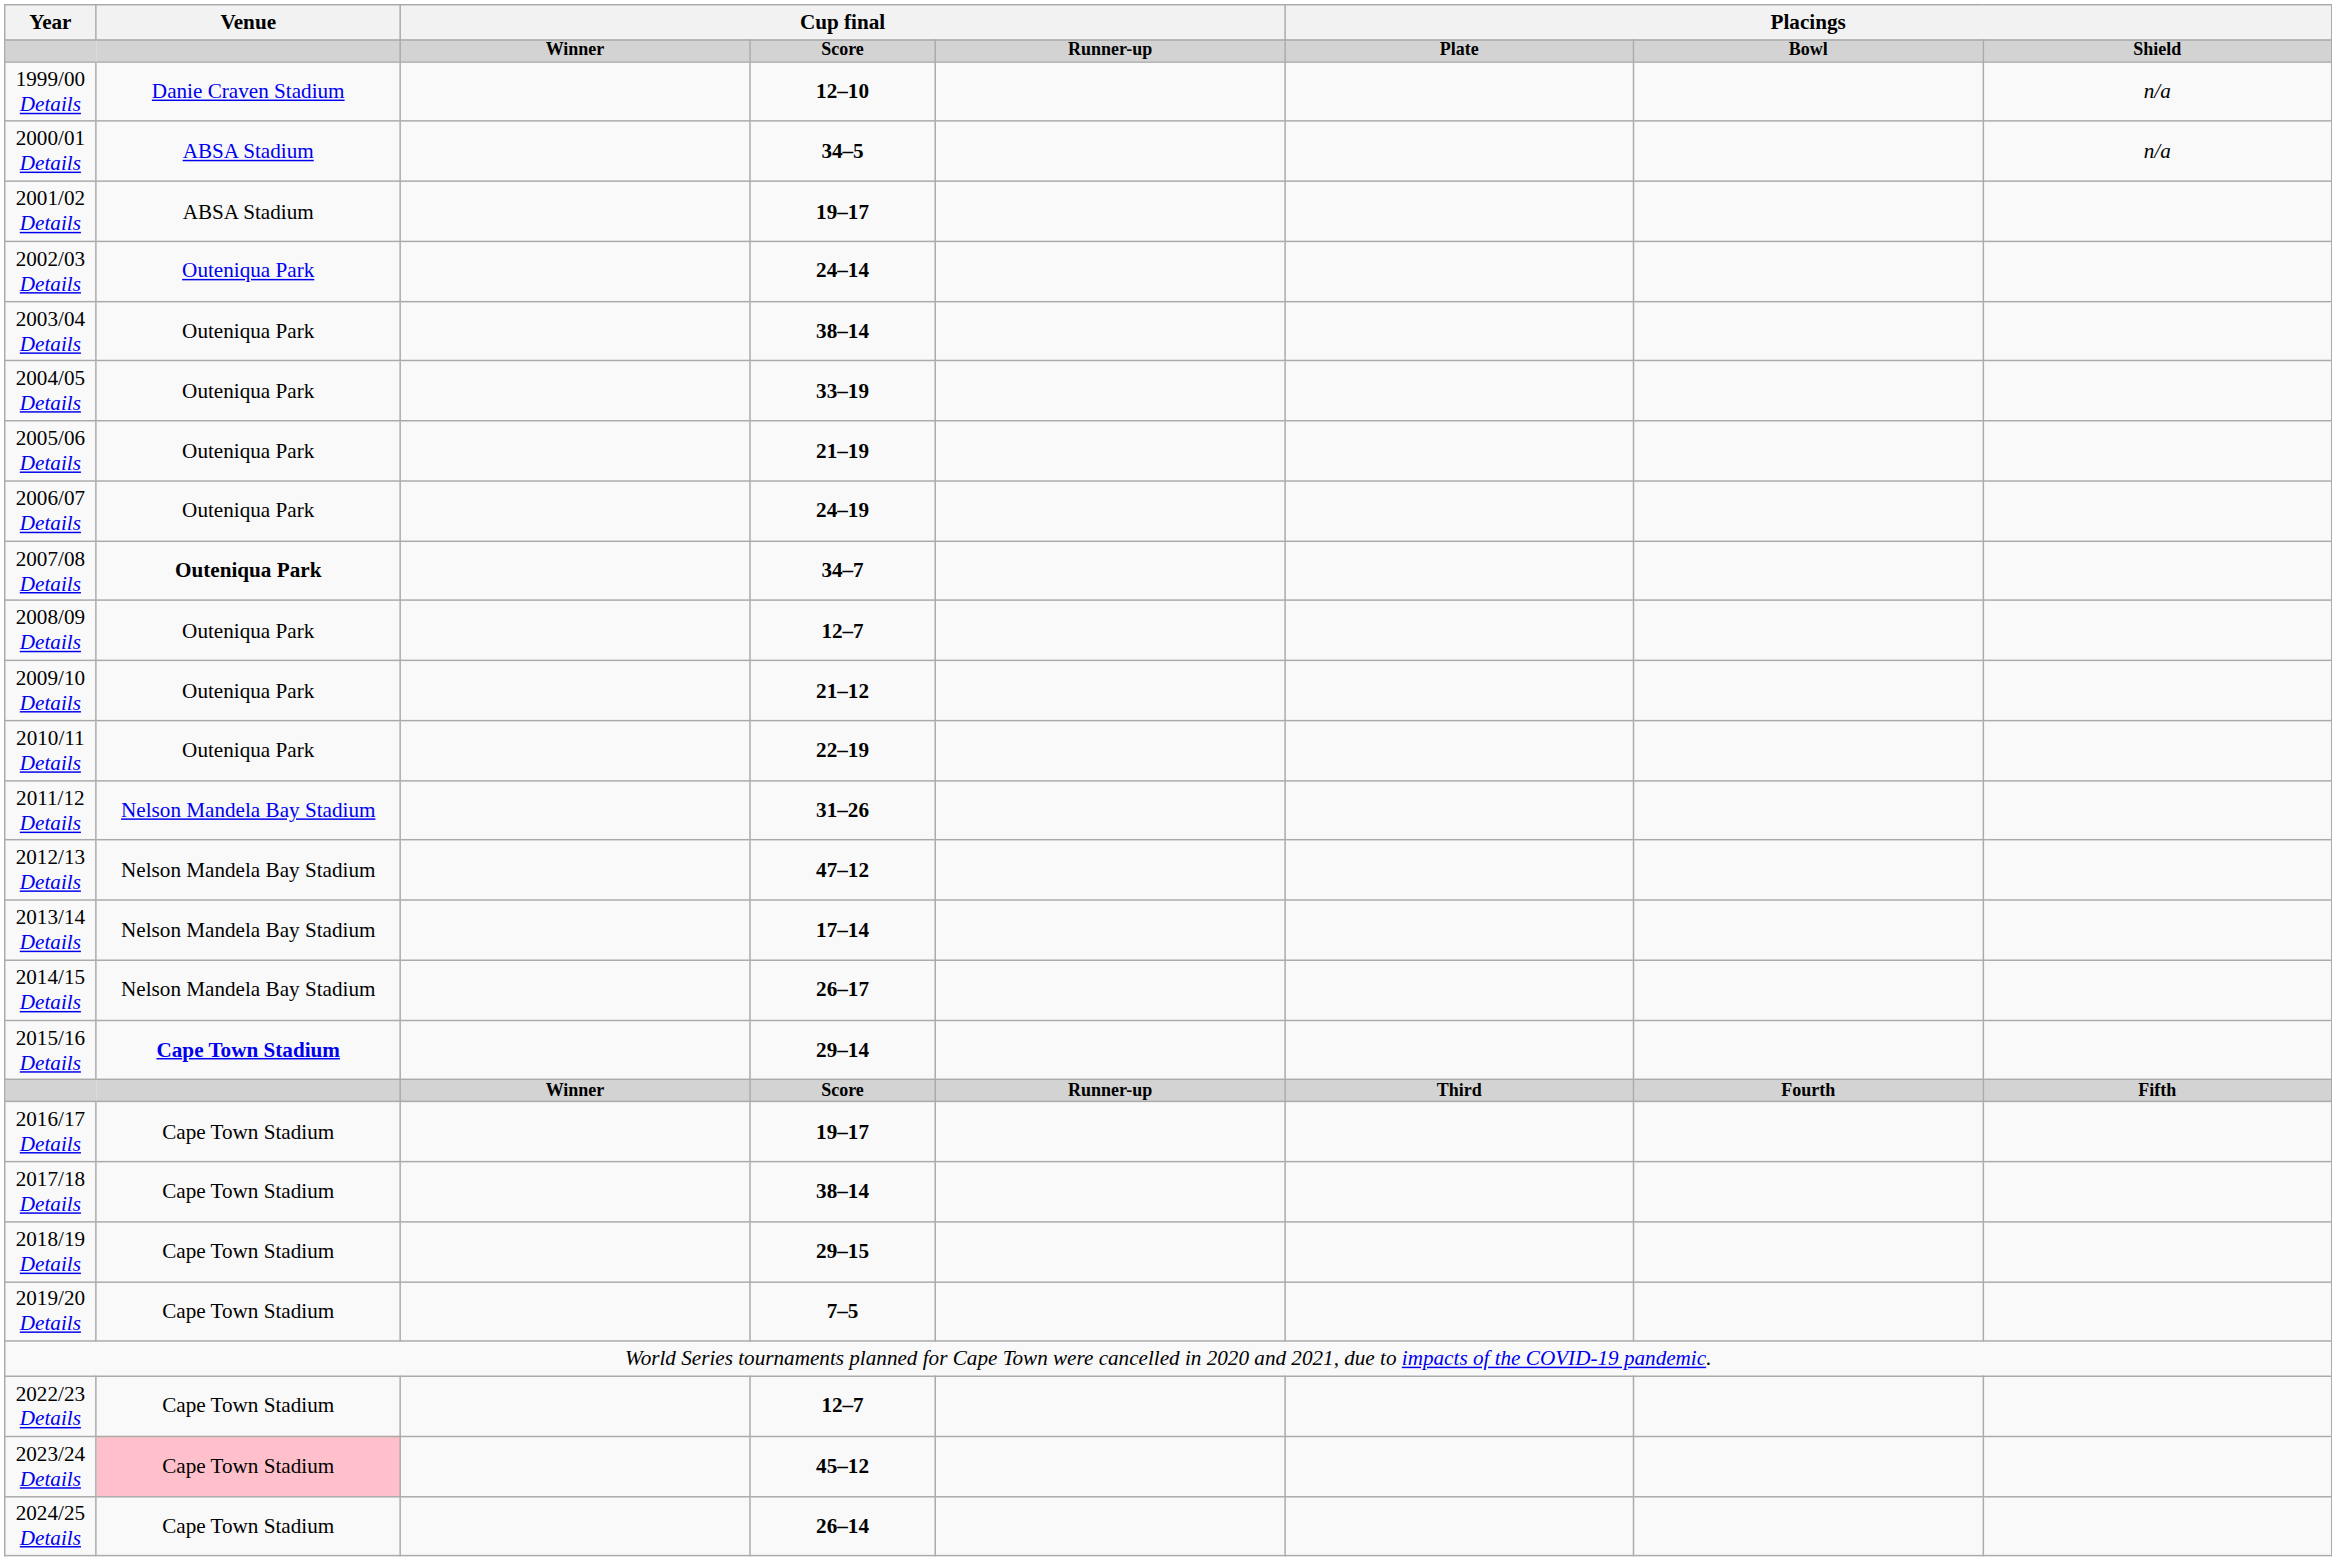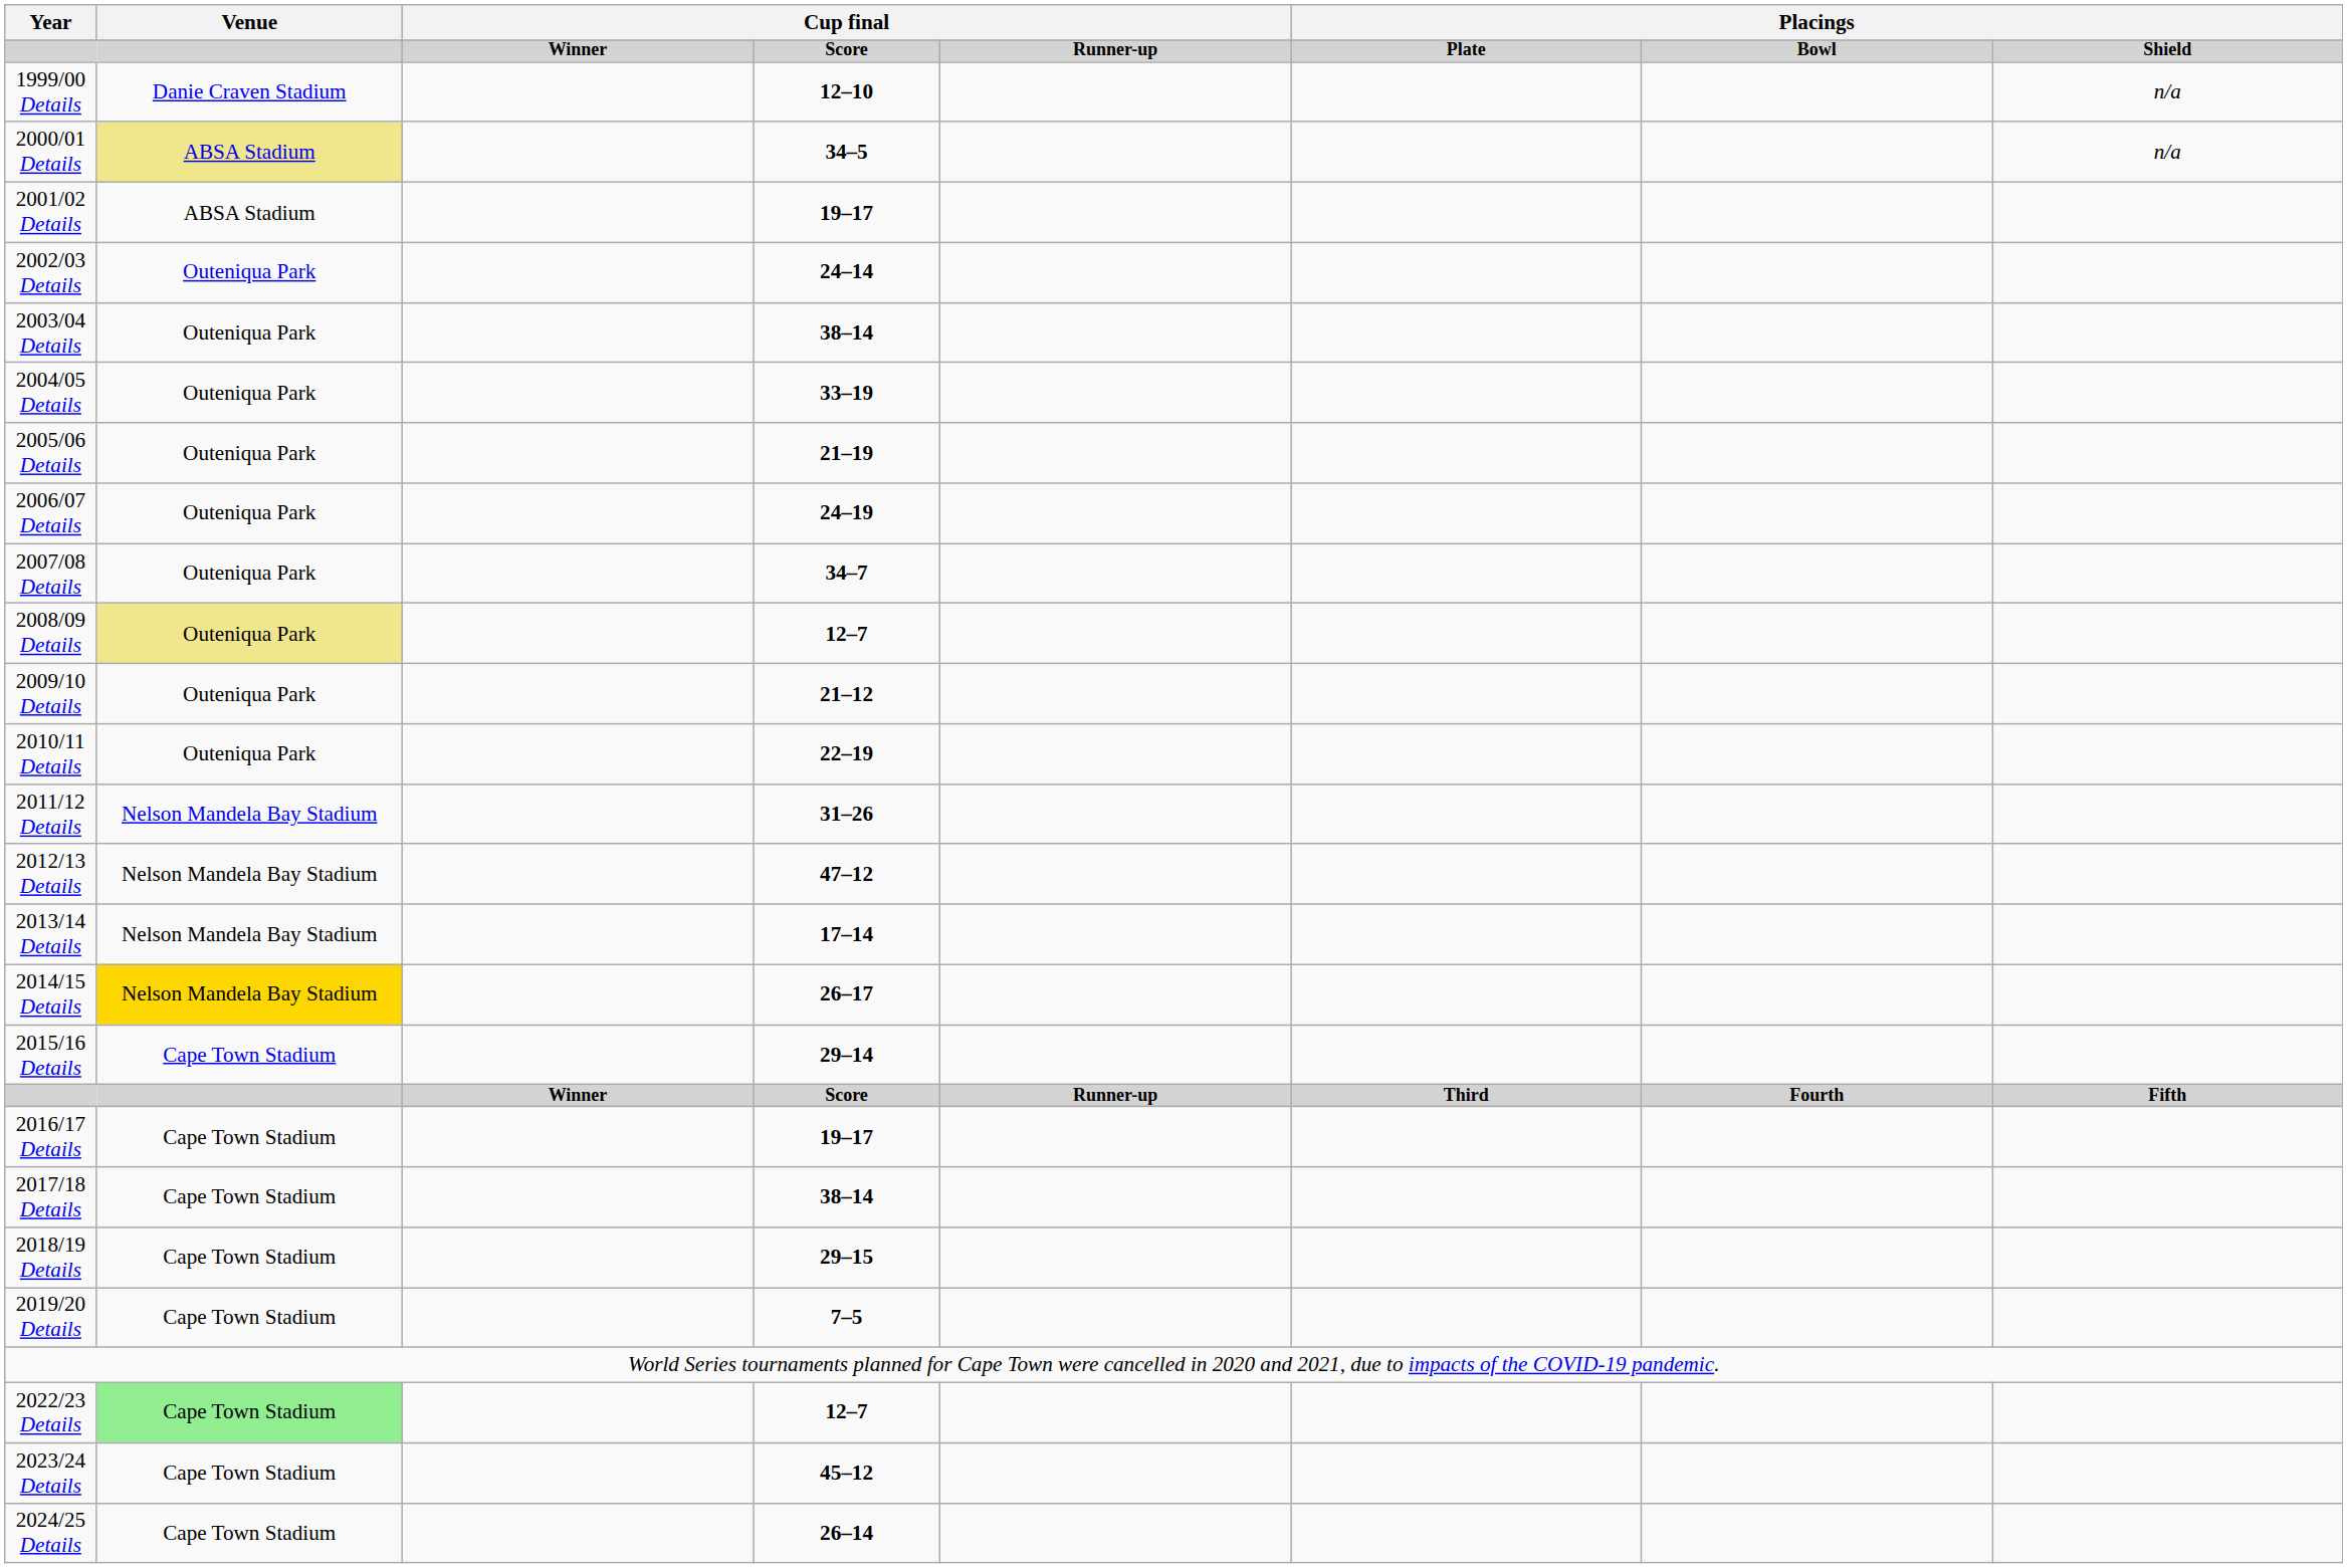 <table class="wikitable" style="font-size:90%; width: 100%; text-align: center;">
 <tr>
 <th>Year</th>
 <th>Venue</th>
 <th colspan=3>Cup final</th>
 <th colspan=3>Placings</th>
 </tr>
 <tr bgcolor=lightgrey style="line-height:9px; font-size:85%; padding:0px;">
 <td style="border-right:0px;"></td>
 <td style="border-left:0px;"></td>
 <td width=15% style="font-weight:bold;">Winner</td>
 <td width=8%  style="font-weight:bold;">Score</td>
 <td width=15% style="font-weight:bold;">Runner-up</td>
 <td width=15% style="font-weight:bold;">Plate</td>
 <td width=15% style="font-weight:bold;">Bowl</td>
 <td width=15% style="font-weight:bold;">Shield</td>
 </tr>
 <tr>
 <td>1999/00<br> <em><a href='#'>Details</a></em></td>
 <td><a href='#'>Danie Craven Stadium</a></td>
 <td><strong></strong></td>
 <td><strong>12–10</strong></td>
 <td></td>
 <td></td>
 <td></td>
 <td><em>n/a</em></td>
 </tr>
 <tr>
 <td>2000/01<br> <em><a href='#'>Details</a></em></td>
-<td><a href='#'>ABSA Stadium</a></td>
+<td style="background: khaki;"><a href='#'>ABSA Stadium</a></td>
 <td><strong></strong></td>
 <td><strong>34–5</strong></td>
 <td></td>
 <td></td>
 <td></td>
 <td><em>n/a</em></td>
 </tr>
 <tr>
 <td>2001/02<br> <em><a href='#'>Details</a></em></td>
 <td>ABSA Stadium</td>
 <td><strong></strong></td>
 <td><strong>19–17</strong></td>
 <td></td>
 <td></td>
 <td></td>
 <td></td>
 </tr>
 <tr>
 <td>2002/03<br> <em><a href='#'>Details</a></em></td>
 <td><a href='#'>Outeniqua Park</a></td>
 <td><strong></strong></td>
 <td><strong>24–14</strong></td>
 <td></td>
 <td></td>
 <td></td>
 <td></td>
 </tr>
 <tr>
 <td>2003/04<br> <em><a href='#'>Details</a></em></td>
 <td>Outeniqua Park</td>
 <td><strong></strong></td>
 <td><strong>38–14</strong></td>
 <td></td>
 <td></td>
 <td></td>
 <td></td>
 </tr>
 <tr>
 <td>2004/05<br> <em><a href='#'>Details</a></em></td>
 <td>Outeniqua Park</td>
 <td><strong></strong></td>
 <td><strong>33–19</strong></td>
 <td></td>
 <td></td>
 <td></td>
 <td></td>
 </tr>
 <tr>
 <td>2005/06<br> <em><a href='#'>Details</a></em></td>
 <td>Outeniqua Park</td>
 <td><strong></strong></td>
 <td><strong>21–19</strong></td>
 <td></td>
 <td></td>
 <td></td>
 <td></td>
 </tr>
 <tr>
 <td>2006/07<br> <em><a href='#'>Details</a></em></td>
 <td>Outeniqua Park</td>
 <td><strong></strong></td>
 <td><strong>24–19</strong></td>
 <td></td>
 <td></td>
 <td></td>
 <td></td>
 </tr>
 <tr>
 <td>2007/08<br> <em><a href='#'>Details</a></em></td>
-<td><strong>Outeniqua Park</strong></td>
+<td>Outeniqua Park</td>
 <td><strong></strong></td>
 <td><strong>34–7</strong></td>
 <td></td>
 <td></td>
 <td></td>
 <td></td>
 </tr>
 <tr>
 <td>2008/09<br> <em><a href='#'>Details</a></em></td>
-<td>Outeniqua Park</td>
+<td style="background: khaki;">Outeniqua Park</td>
 <td><strong></strong></td>
 <td><strong>12–7</strong></td>
 <td></td>
 <td></td>
 <td></td>
 <td></td>
 </tr>
 <tr>
 <td>2009/10<br> <em><a href='#'>Details</a></em></td>
 <td>Outeniqua Park</td>
 <td><strong></strong></td>
 <td><strong>21–12</strong></td>
 <td></td>
 <td></td>
 <td></td>
 <td></td>
 </tr>
 <tr>
 <td>2010/11<br> <em><a href='#'>Details</a></em></td>
 <td>Outeniqua Park</td>
 <td><strong></strong></td>
 <td><strong>22–19</strong></td>
 <td></td>
 <td></td>
 <td></td>
 <td></td>
 </tr>
 <tr>
 <td>2011/12<br> <em><a href='#'>Details</a></em></td>
 <td><a href='#'>Nelson Mandela Bay Stadium</a></td>
 <td><strong></strong></td>
 <td><strong>31–26</strong></td>
 <td></td>
 <td></td>
 <td></td>
 <td></td>
 </tr>
 <tr>
 <td>2012/13<br> <em><a href='#'>Details</a></em></td>
 <td>Nelson Mandela Bay Stadium</td>
 <td><strong></strong></td>
 <td><strong>47–12</strong></td>
 <td></td>
 <td></td>
 <td></td>
 <td></td>
 </tr>
 <tr>
 <td>2013/14<br> <em><a href='#'>Details</a></em></td>
 <td>Nelson Mandela Bay Stadium</td>
 <td><strong></strong></td>
 <td><strong>17–14</strong></td>
 <td></td>
 <td></td>
 <td></td>
 <td></td>
 </tr>
 <tr>
 <td>2014/15<br> <em><a href='#'>Details</a></em></td>
-<td>Nelson Mandela Bay Stadium</td>
+<td style="background: gold;">Nelson Mandela Bay Stadium</td>
 <td><strong></strong></td>
 <td><strong>26–17</strong></td>
 <td></td>
 <td></td>
 <td></td>
 <td></td>
 </tr>
 <tr>
 <td>2015/16<br> <em><a href='#'>Details</a></em></td>
-<td><strong><a href='#'>Cape Town Stadium</a></strong></td>
+<td><a href='#'>Cape Town Stadium</a></td>
 <td><strong></strong></td>
 <td><strong>29–14</strong></td>
 <td></td>
 <td></td>
 <td></td>
 <td></td>
 </tr>
 <tr bgcolor=lightgrey style="line-height:9px; font-size:85%; padding:0px;">
 <td style="border-right:0px;"></td>
 <td style="border-left:0px;"></td>
 <td width=15% style="font-weight:bold;">Winner</td>
 <td width=8%  style="font-weight:bold;">Score</td>
 <td width=15% style="font-weight:bold;">Runner-up</td>
 <td width=15% style="font-weight:bold;">Third</td>
 <td width=15% style="font-weight:bold;">Fourth</td>
 <td width=15% style="font-weight:bold;">Fifth</td>
 </tr>
 <tr>
 <td>2016/17<br> <em><a href='#'>Details</a></em></td>
 <td>Cape Town Stadium</td>
 <td><strong></strong></td>
 <td><strong>19–17</strong></td>
 <td></td>
 <td></td>
 <td></td>
 <td></td>
 </tr>
 <tr>
 <td>2017/18<br> <em><a href='#'>Details</a></em></td>
 <td>Cape Town Stadium</td>
 <td><strong></strong></td>
 <td><strong>38–14</strong></td>
 <td></td>
 <td></td>
 <td></td>
 <td></td>
 </tr>
 <tr>
 <td>2018/19<br> <em><a href='#'>Details</a></em></td>
 <td>Cape Town Stadium</td>
 <td><strong></strong></td>
 <td><strong>29–15</strong></td>
 <td></td>
 <td></td>
 <td></td>
 <td></td>
 </tr>
 <tr>
 <td>2019/20<br> <em><a href='#'>Details</a></em></td>
 <td>Cape Town Stadium</td>
 <td><strong></strong></td>
 <td><strong>7–5</strong></td>
 <td></td>
 <td></td>
 <td></td>
 <td></td>
 </tr>
 <tr>
 <td colspan=100%><em>World Series tournaments planned for Cape Town were cancelled in 2020 and 2021, due to <a href='#'>impacts of the COVID-19 pandemic</a>.</em></td>
 </tr>
 <tr>
 <td>2022/23<br><a href='#'><em>Details</em></a></td>
-<td>Cape Town Stadium</td>
+<td style="background: lightgreen;">Cape Town Stadium</td>
 <td><strong></strong></td>
 <td><strong>12–7</strong></td>
 <td></td>
 <td></td>
 <td></td>
 <td></td>
 </tr>
 <tr>
 <td>2023/24<br><a href='#'><em>Details</em></a></td>
-<td style="background: pink;">Cape Town Stadium</td>
+<td>Cape Town Stadium</td>
 <td><strong></strong></td>
 <td><strong>45–12</strong></td>
 <td></td>
 <td></td>
 <td></td>
 <td></td>
 </tr>
 <tr>
 <td>2024/25<br><a href='#'><em>Details</em></a></td>
 <td>Cape Town Stadium</td>
 <td><strong></strong></td>
 <td><strong>26–14</strong></td>
 <td></td>
 <td></td>
 <td></td>
 <td></td>
 </tr>
 </table>
